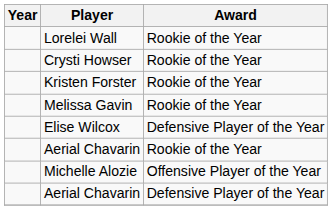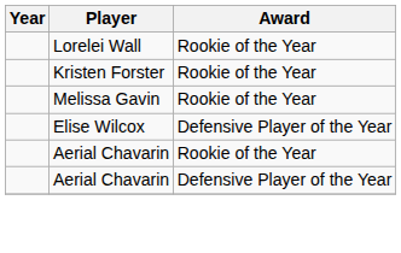 <table class= "wikitable">
 <tr>
 <th width=px>Year</th>
 <th width=px>Player</th>
 <th width=px>Award</th>
 </tr>
 <tr>
 <td></td>
 <td>Lorelei Wall</td>
-<td>Rookie of the Year</td>
-</tr>
-<tr>
-<td></td>
-<td>Crysti Howser</td>
 <td>Rookie of the Year</td>
 </tr>
 <tr>
 <td></td>
 <td>Kristen Forster</td>
 <td>Rookie of the Year</td>
 </tr>
 <tr>
 <td></td>
 <td>Melissa Gavin</td>
 <td>Rookie of the Year</td>
 </tr>
 <tr>
 <td></td>
 <td>Elise Wilcox</td>
 <td>Defensive Player of the Year</td>
 </tr>
 <tr>
 <td></td>
 <td>Aerial Chavarin</td>
 <td>Rookie of the Year</td>
 </tr>
 <tr>
 <td></td>
-<td>Michelle Alozie</td>
-<td>Offensive Player of the Year</td>
-</tr>
-<tr>
-<td></td>
 <td>Aerial Chavarin</td>
 <td>Defensive Player of the Year</td>
 </tr>
 <tr>
 </tr>
 </table>
